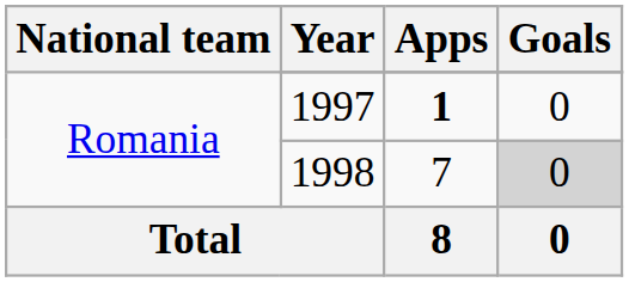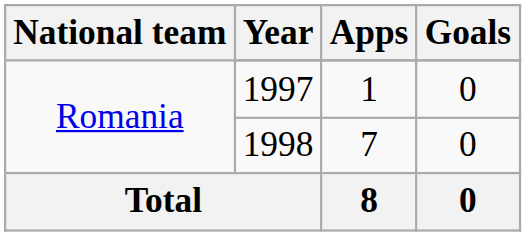 <table class="wikitable" style="text-align:center">
 <tr>
 <th>National team</th>
 <th>Year</th>
 <th>Apps</th>
 <th>Goals</th>
 </tr>
 <tr>
 <td rowspan="3"><a href='#'>Romania</a></td>
 </tr>
 <tr>
 <td>1997</td>
-<td><strong>1</strong></td>
+<td>1</td>
 <td>0</td>
 </tr>
 <tr>
 <td>1998</td>
 <td>7</td>
-<td style="background: lightgrey;">0</td>
+<td>0</td>
 </tr>
 <tr>
 <th colspan="2">Total</th>
 <th>8</th>
 <th>0</th>
 </tr>
 </table>
